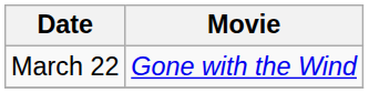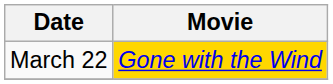 <table class="wikitable plainrowheaders">
 <tr>
 <th scope="col">Date</th>
 <th scope="col">Movie</th>
 </tr>
 <tr>
 <td>March 22</td>
-<td><em><a href='#'>Gone with the Wind</a></em></td>
+<td style="background: gold;"><em><a href='#'>Gone with the Wind</a></em></td>
 </tr>
 <tr>
 </tr>
 </table>
